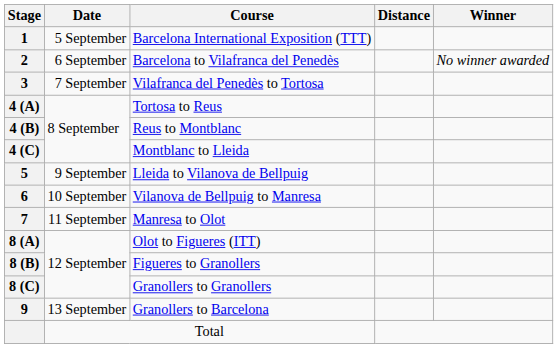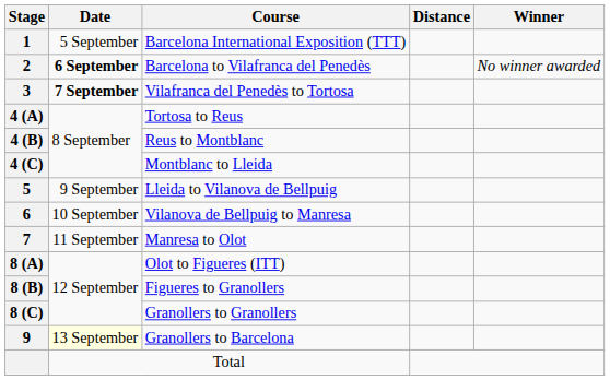 <table class="wikitable">
 <tr>
 <th scope="col">Stage</th>
 <th scope="col">Date</th>
 <th scope="col">Course</th>
 <th scope="col">Distance</th>
 <th scope="col">Winner</th>
 </tr>
 <tr>
 <th scope="row">1</th>
 <td style="text-align:right">5 September</td>
 <td><a href='#'>Barcelona International Exposition</a> (<a href='#'>TTT</a>)</td>
 <td style="text-align:center;"></td>
 <td></td>
 </tr>
 <tr>
 <th scope="row">2</th>
-<td style="text-align:right">6 September</td>
+<td style="text-align:right"><strong>6 September</strong></td>
 <td><a href='#'>Barcelona</a> to <a href='#'>Vilafranca del Penedès</a></td>
 <td style="text-align:center;"></td>
 <td><em>No winner awarded</em></td>
 </tr>
 <tr>
 <th scope="row">3</th>
-<td style="text-align:right">7 September</td>
+<td style="text-align:right"><strong>7 September</strong></td>
 <td><a href='#'>Vilafranca del Penedès</a> to <a href='#'>Tortosa</a></td>
 <td style="text-align:center;"></td>
 <td></td>
 </tr>
 <tr>
 <th scope="row">4 (A)</th>
 <td rowspan="3">8 September</td>
 <td><a href='#'>Tortosa</a> to <a href='#'>Reus</a></td>
 <td style="text-align:center;"></td>
 <td></td>
 </tr>
 <tr>
 <th scope="row">4 (B)</th>
 <td><a href='#'>Reus</a> to <a href='#'>Montblanc</a></td>
 <td style="text-align:center;"></td>
 <td></td>
 </tr>
 <tr>
 <th scope="row">4 (C)</th>
 <td><a href='#'>Montblanc</a> to <a href='#'>Lleida</a></td>
 <td style="text-align:center;"></td>
 <td></td>
 </tr>
 <tr>
 <th scope="row">5</th>
 <td style="text-align:right">9 September</td>
 <td><a href='#'>Lleida</a> to <a href='#'>Vilanova de Bellpuig</a></td>
 <td style="text-align:center;"></td>
 <td></td>
 </tr>
 <tr>
 <th scope="row">6</th>
 <td style="text-align:right">10 September</td>
 <td><a href='#'>Vilanova de Bellpuig</a> to <a href='#'>Manresa</a></td>
 <td style="text-align:center;"></td>
 <td></td>
 </tr>
 <tr>
 <th scope="row">7</th>
 <td style="text-align:right">11 September</td>
 <td><a href='#'>Manresa</a> to <a href='#'>Olot</a></td>
 <td style="text-align:center;"></td>
 <td></td>
 </tr>
 <tr>
 <th scope="row">8 (A)</th>
 <td rowspan="3">12 September</td>
 <td><a href='#'>Olot</a> to <a href='#'>Figueres</a> (<a href='#'>ITT</a>)</td>
 <td style="text-align:center;"></td>
 <td></td>
 </tr>
 <tr>
 <th scope="row">8 (B)</th>
 <td><a href='#'>Figueres</a> to <a href='#'>Granollers</a></td>
 <td style="text-align:center;"></td>
 <td></td>
 </tr>
 <tr>
 <th scope="row">8 (C)</th>
 <td><a href='#'>Granollers</a> to <a href='#'>Granollers</a></td>
 <td style="text-align:center;"></td>
 <td></td>
 </tr>
 <tr>
 <th scope="row">9</th>
-<td style="text-align:right">13 September</td>
+<td style="background: lightyellow; text-align:right">13 September</td>
 <td><a href='#'>Granollers</a> to <a href='#'>Barcelona</a></td>
 <td style="text-align:center;"></td>
 <td></td>
 </tr>
 <tr>
 <th scope="row"></th>
 <td colspan="2" style="text-align:center">Total</td>
 <td colspan="5" style="text-align:center"></td>
 </tr>
 </table>
